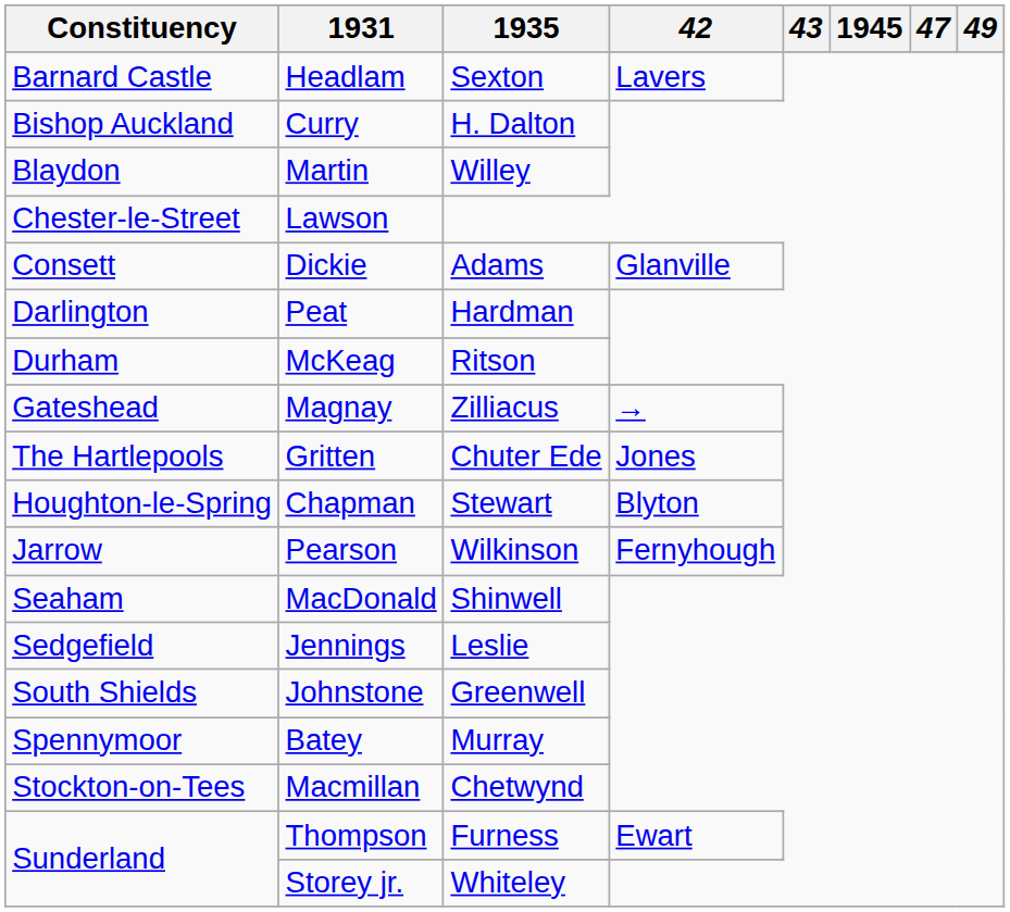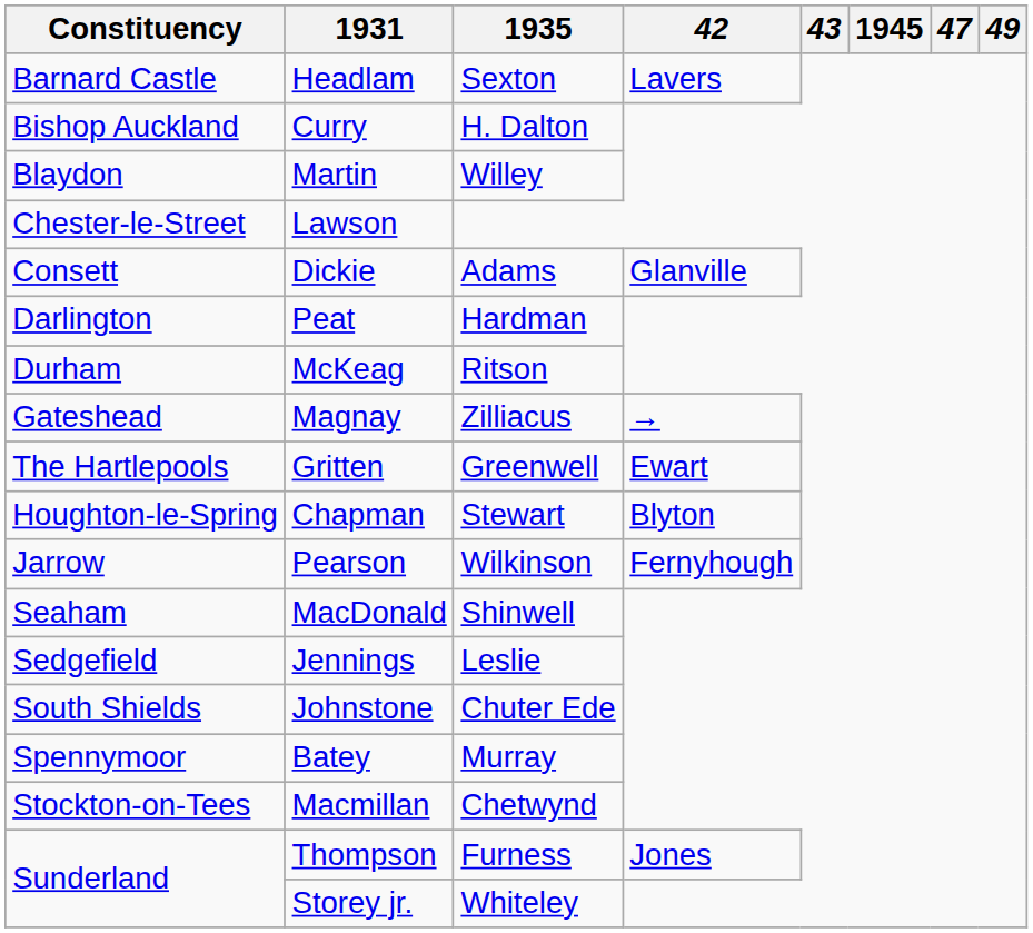 <table class="wikitable">
 <tr>
 <th>Constituency</th>
 <th>1931</th>
 <th>1935</th>
 <th><em>42</em></th>
 <th><em>43</em></th>
 <th>1945</th>
 <th><em>47</em></th>
 <th><em>49</em></th>
 </tr>
 <tr>
 <td><a href='#'>Barnard Castle</a></td>
 <td><a href='#'>Headlam</a></td>
 <td><a href='#'>Sexton</a></td>
 <td><a href='#'>Lavers</a></td>
 </tr>
 <tr>
 <td><a href='#'>Bishop Auckland</a></td>
 <td><a href='#'>Curry</a></td>
 <td><a href='#'>H. Dalton</a></td>
 </tr>
 <tr>
 <td><a href='#'>Blaydon</a></td>
 <td><a href='#'>Martin</a></td>
 <td><a href='#'>Willey</a></td>
 </tr>
 <tr>
 <td><a href='#'>Chester-le-Street</a></td>
 <td><a href='#'>Lawson</a></td>
 </tr>
 <tr>
 <td><a href='#'>Consett</a></td>
 <td><a href='#'>Dickie</a></td>
 <td><a href='#'>Adams</a></td>
 <td><a href='#'>Glanville</a></td>
 </tr>
 <tr>
 <td><a href='#'>Darlington</a></td>
 <td><a href='#'>Peat</a></td>
 <td><a href='#'>Hardman</a></td>
 </tr>
 <tr>
 <td><a href='#'>Durham</a></td>
 <td><a href='#'>McKeag</a></td>
 <td><a href='#'>Ritson</a></td>
 </tr>
 <tr>
 <td><a href='#'>Gateshead</a></td>
 <td><a href='#'>Magnay</a></td>
 <td><a href='#'>Zilliacus</a></td>
 <td><a href='#'>→</a></td>
 </tr>
 <tr>
 <td><a href='#'>The Hartlepools</a></td>
 <td><a href='#'>Gritten</a></td>
-<td><a href='#'>Chuter Ede</a></td>
-<td><a href='#'>Jones</a></td>
+<td><a href='#'>Greenwell</a></td>
+<td><a href='#'>Ewart</a></td>
 </tr>
 <tr>
 <td><a href='#'>Houghton-le-Spring</a></td>
 <td><a href='#'>Chapman</a></td>
 <td><a href='#'>Stewart</a></td>
 <td><a href='#'>Blyton</a></td>
 </tr>
 <tr>
 <td><a href='#'>Jarrow</a></td>
 <td><a href='#'>Pearson</a></td>
 <td><a href='#'>Wilkinson</a></td>
 <td><a href='#'>Fernyhough</a></td>
 </tr>
 <tr>
 <td><a href='#'>Seaham</a></td>
 <td><a href='#'>MacDonald</a></td>
 <td><a href='#'>Shinwell</a></td>
 </tr>
 <tr>
 <td><a href='#'>Sedgefield</a></td>
 <td><a href='#'>Jennings</a></td>
 <td><a href='#'>Leslie</a></td>
 </tr>
 <tr>
 <td><a href='#'>South Shields</a></td>
 <td><a href='#'>Johnstone</a></td>
-<td><a href='#'>Greenwell</a></td>
+<td><a href='#'>Chuter Ede</a></td>
 </tr>
 <tr>
 <td><a href='#'>Spennymoor</a></td>
 <td><a href='#'>Batey</a></td>
 <td><a href='#'>Murray</a></td>
 </tr>
 <tr>
 <td><a href='#'>Stockton-on-Tees</a></td>
 <td><a href='#'>Macmillan</a></td>
 <td><a href='#'>Chetwynd</a></td>
 </tr>
 <tr>
 <td rowspan="2"><a href='#'>Sunderland</a></td>
 <td><a href='#'>Thompson</a></td>
 <td><a href='#'>Furness</a></td>
-<td><a href='#'>Ewart</a></td>
+<td><a href='#'>Jones</a></td>
 </tr>
 <tr>
 <td><a href='#'>Storey jr.</a></td>
 <td><a href='#'>Whiteley</a></td>
 </tr>
 </table>
